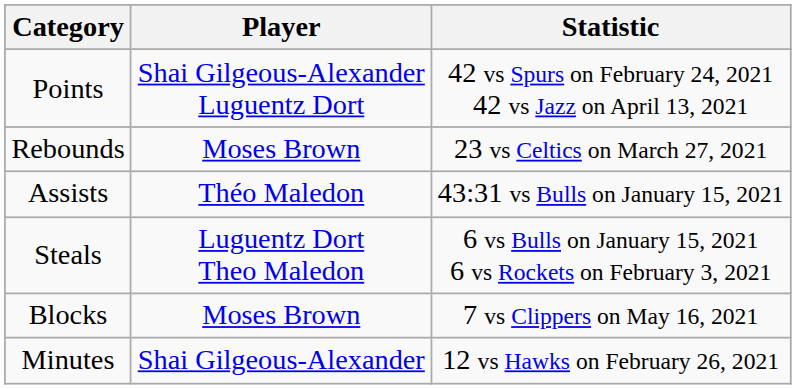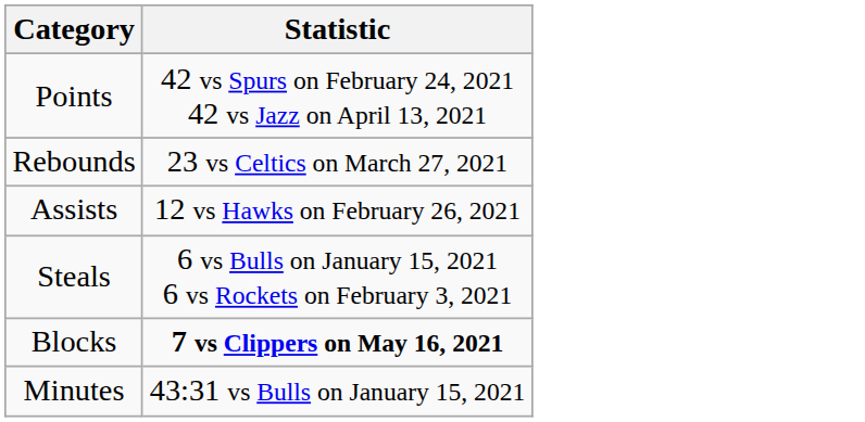 <table class="wikitable sortable sortable" style="text-align: center">
 <tr>
 <th>Category</th>
-<th>Player</th>
 <th>Statistic</th>
 </tr>
 <tr style="text-align: center">
 <td>Points</td>
-<td><a href='#'>Shai Gilgeous-Alexander</a><br><a href='#'>Luguentz Dort</a></td>
 <td>42 <small>vs <a href='#'>Spurs</a> on February 24, 2021</small><br>42 <small>vs <a href='#'>Jazz</a> on April 13, 2021</small></td>
 </tr>
 <tr style="text-align: center">
 <td>Rebounds</td>
-<td><a href='#'>Moses Brown</a></td>
 <td>23 <small>vs <a href='#'>Celtics</a> on March 27, 2021</small></td>
 </tr>
 <tr style="text-align: center">
 <td>Assists</td>
-<td><a href='#'>Théo Maledon</a></td>
-<td>43:31 <small>vs <a href='#'>Bulls</a> on January 15, 2021</small></td>
+<td>12 <small>vs <a href='#'>Hawks</a> on February 26, 2021</small></td>
 </tr>
 <tr style="text-align: center">
 <td>Steals</td>
-<td><a href='#'>Luguentz Dort</a><br><a href='#'>Theo Maledon</a></td>
 <td>6 <small>vs <a href='#'>Bulls</a> on January 15, 2021</small><br>6 <small>vs <a href='#'>Rockets</a> on February 3, 2021</small></td>
 </tr>
 <tr style="text-align: center">
 <td>Blocks</td>
-<td><a href='#'>Moses Brown</a></td>
-<td>7 <small>vs <a href='#'>Clippers</a> on May 16, 2021</small></td>
+<td><strong>7 <small>vs <a href='#'>Clippers</a> on May 16, 2021</small></strong></td>
 </tr>
 <tr style="text-align: center">
 <td>Minutes</td>
-<td><a href='#'>Shai Gilgeous-Alexander</a></td>
-<td>12 <small>vs <a href='#'>Hawks</a> on February 26, 2021</small></td>
+<td>43:31 <small>vs <a href='#'>Bulls</a> on January 15, 2021</small></td>
 </tr>
 </table>
